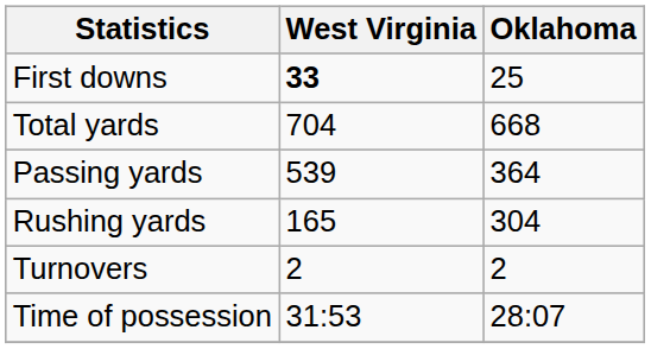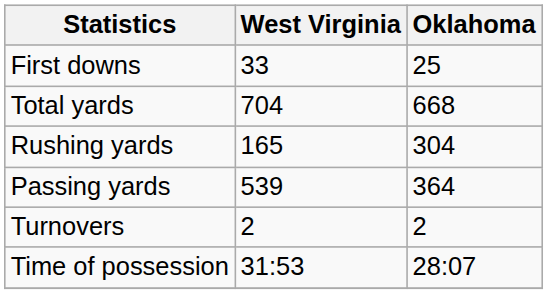 <table class="wikitable" style="float: left;">
 <tr>
 <th>Statistics</th>
 <th>West Virginia</th>
 <th>Oklahoma</th>
 </tr>
 <tr>
 <td>First downs</td>
-<td><strong>33</strong></td>
+<td>33</td>
 <td>25</td>
 </tr>
 <tr>
 <td>Total yards</td>
 <td>704</td>
 <td>668</td>
 </tr>
 <tr>
+<td>Rushing yards</td>
+<td>165</td>
+<td>304</td>
+</tr>
+<tr>
 <td>Passing yards</td>
 <td>539</td>
 <td>364</td>
-</tr>
-<tr>
-<td>Rushing yards</td>
-<td>165</td>
-<td>304</td>
 </tr>
 <tr>
 <td>Turnovers</td>
 <td>2</td>
 <td>2</td>
 </tr>
 <tr>
 <td>Time of possession</td>
 <td>31:53</td>
 <td>28:07</td>
 </tr>
 <tr>
 </tr>
 </table>
